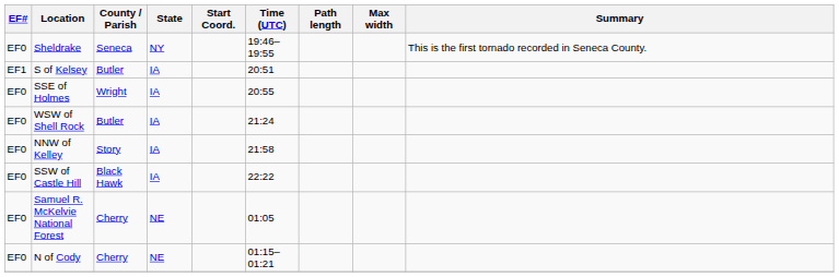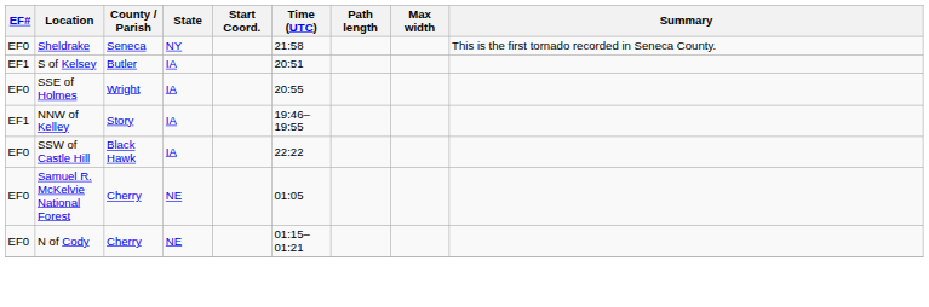 <table class="wikitable sortable" style="width:100%;">
 <tr>
 <th scope="col"  style="width:3%; text-align:center;"><a href='#'>EF#</a></th>
 <th scope="col"  style="width:7%; text-align:center;" class="unsortable">Location</th>
 <th scope="col"  style="width:6%; text-align:center;" class="unsortable">County / Parish</th>
 <th scope="col"  style="width:5%; text-align:center;">State</th>
 <th scope="col"  style="width:6%; text-align:center;">Start Coord.</th>
 <th scope="col"  style="width:6%; text-align:center;">Time (<a href='#'>UTC</a>)</th>
 <th scope="col"  style="width:6%; text-align:center;">Path length</th>
 <th scope="col"  style="width:6%; text-align:center;">Max width</th>
 <th scope="col" class="unsortable" style="width:48%; text-align:center;">Summary</th>
 </tr>
 <tr>
 <td>EF0</td>
 <td><a href='#'>Sheldrake</a></td>
 <td><a href='#'>Seneca</a></td>
 <td><a href='#'>NY</a></td>
 <td></td>
-<td>19:46–19:55</td>
+<td>21:58</td>
 <td></td>
 <td></td>
 <td>This is the first tornado recorded in Seneca County.</td>
 </tr>
 <tr>
 <td>EF1</td>
 <td>S of <a href='#'>Kelsey</a></td>
 <td><a href='#'>Butler</a></td>
 <td><a href='#'>IA</a></td>
 <td></td>
 <td>20:51</td>
 <td></td>
 <td></td>
 <td></td>
 </tr>
 <tr>
 <td>EF0</td>
 <td>SSE of <a href='#'>Holmes</a></td>
 <td><a href='#'>Wright</a></td>
 <td><a href='#'>IA</a></td>
 <td></td>
 <td>20:55</td>
 <td></td>
 <td></td>
 <td></td>
 </tr>
 <tr>
-<td>EF0</td>
-<td>WSW of <a href='#'>Shell Rock</a></td>
-<td><a href='#'>Butler</a></td>
-<td><a href='#'>IA</a></td>
-<td></td>
-<td>21:24</td>
-<td></td>
-<td></td>
-<td></td>
-</tr>
-<tr>
-<td>EF0</td>
+<td>EF1</td>
 <td>NNW of <a href='#'>Kelley</a></td>
 <td><a href='#'>Story</a></td>
 <td><a href='#'>IA</a></td>
 <td></td>
-<td>21:58</td>
+<td>19:46–19:55</td>
 <td></td>
 <td></td>
 <td></td>
 </tr>
 <tr>
 <td>EF0</td>
 <td>SSW of <a href='#'>Castle Hill</a></td>
 <td><a href='#'>Black Hawk</a></td>
 <td><a href='#'>IA</a></td>
 <td></td>
 <td>22:22</td>
 <td></td>
 <td></td>
 <td></td>
 </tr>
 <tr>
 <td>EF0</td>
 <td><a href='#'>Samuel R. McKelvie National Forest</a></td>
 <td><a href='#'>Cherry</a></td>
 <td><a href='#'>NE</a></td>
 <td></td>
 <td>01:05</td>
 <td></td>
 <td></td>
 <td></td>
 </tr>
 <tr>
 <td>EF0</td>
 <td>N of <a href='#'>Cody</a></td>
 <td><a href='#'>Cherry</a></td>
 <td><a href='#'>NE</a></td>
 <td></td>
 <td>01:15–01:21</td>
 <td></td>
 <td></td>
 <td></td>
 </tr>
 <tr>
 </tr>
 </table>
